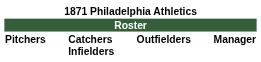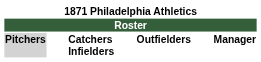 <table class="toccolours" style="font-size: 95%;">
 <tr>
 <th colspan="10" style="background-color: white; text-align: center;">1871 Philadelphia Athletics</th>
 </tr>
 <tr>
 <td colspan="10" style="background-color: #355E3B; color: white; text-align: center;"><strong>Roster</strong></td>
 </tr>
 <tr>
-<td valign="top"><strong>Pitchers</strong><br></td>
+<td valign="top" style="background: lightgrey;"><strong>Pitchers</strong><br></td>
 <td width="25px"></td>
 <td valign="top"><strong>Catchers</strong><br> <strong>Infielders</strong>     </td>
 <td width="25px"></td>
 <td valign="top"><strong>Outfielders</strong><br>     </td>
 <td width="25px"></td>
 <td valign="top"><strong>Manager</strong><br></td>
 </tr>
 <tr>
 </tr>
 </table>
